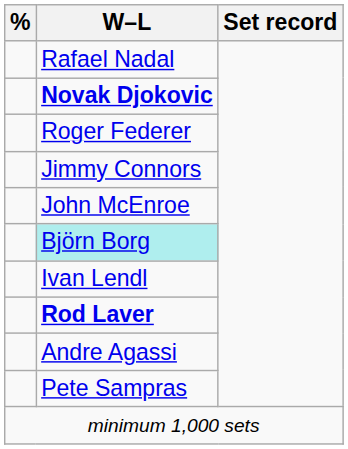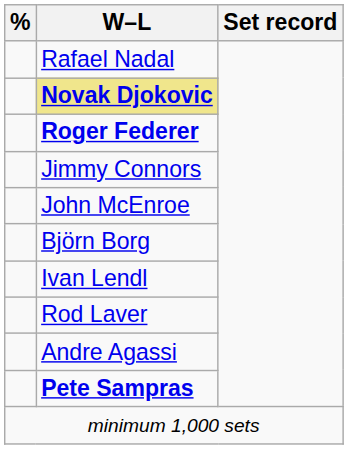 <table class="sortable wikitable" style="display:inline-table;">
 <tr>
 <th>%</th>
 <th>W–L</th>
 <th>Set record</th>
 </tr>
 <tr>
 <td> </td>
 <td> <a href='#'>Rafael Nadal</a></td>
 </tr>
 <tr>
 <td> </td>
-<td> <strong><a href='#'>Novak Djokovic</a></strong></td>
+<td style="background: khaki;"> <strong><a href='#'>Novak Djokovic</a></strong></td>
 </tr>
 <tr>
 <td> </td>
-<td> <a href='#'>Roger Federer</a></td>
+<td><strong> <a href='#'>Roger Federer</a></strong></td>
 </tr>
 <tr>
 <td> </td>
 <td> <a href='#'>Jimmy Connors</a></td>
 </tr>
 <tr>
 <td> </td>
 <td> <a href='#'>John McEnroe</a></td>
 </tr>
 <tr>
 <td> </td>
-<td style="background: paleturquoise;"> <a href='#'>Björn Borg</a></td>
+<td> <a href='#'>Björn Borg</a></td>
 </tr>
 <tr>
 <td> </td>
 <td> <a href='#'>Ivan Lendl</a></td>
 </tr>
 <tr>
 <td> </td>
-<td><strong> <a href='#'>Rod Laver</a></strong></td>
+<td> <a href='#'>Rod Laver</a></td>
 </tr>
 <tr>
 <td> </td>
 <td> <a href='#'>Andre Agassi</a></td>
 </tr>
 <tr>
 <td> </td>
-<td> <a href='#'>Pete Sampras</a></td>
+<td><strong> <a href='#'>Pete Sampras</a></strong></td>
 </tr>
 <tr>
 <td colspan="3" style="text-align: center;"><small><em>minimum 1,000 sets</em></small></td>
 </tr>
 </table>
